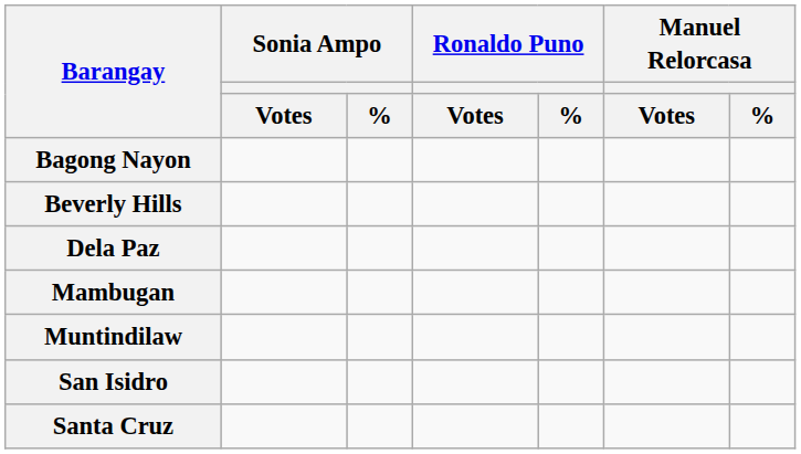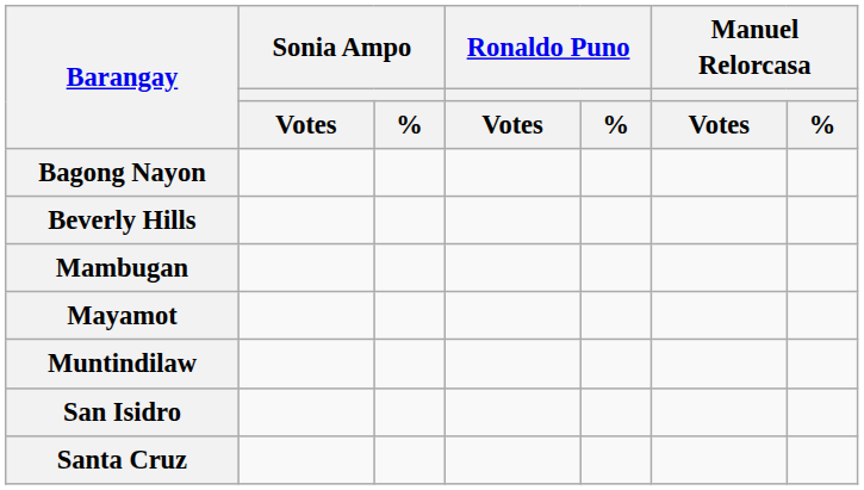 <table class="wikitable collapsible collapsed" style="text-align:right; font-size:95%; line-height:20px;">
 <tr>
 <th width="125" rowspan="3"><a href='#'>Barangay</a></th>
 <th width="110" colspan="2">Sonia Ampo</th>
 <th width="110" colspan="2"><a href='#'>Ronaldo Puno</a></th>
 <th width="110" colspan="2">Manuel Relorcasa</th>
 </tr>
 <tr>
 <th colspan="2" style="background:"></th>
 <th colspan="2" style="background:"></th>
 <th colspan="2" style="background:"></th>
 </tr>
 <tr>
 <th>Votes</th>
 <th>%</th>
 <th>Votes</th>
 <th>%</th>
 <th>Votes</th>
 <th>%</th>
 </tr>
 <tr>
 <th scope="row">Bagong Nayon</th>
 <td></td>
 <td></td>
 <td></td>
 <td></td>
 <td></td>
 <td></td>
 </tr>
 <tr>
 <th scope="row">Beverly Hills</th>
 <td></td>
 <td></td>
 <td></td>
 <td></td>
 <td></td>
 <td></td>
 </tr>
 <tr>
-<th scope="row">Dela Paz</th>
+<th scope="row">Mambugan</th>
 <td></td>
 <td></td>
 <td></td>
 <td></td>
 <td></td>
 <td></td>
 </tr>
 <tr>
-<th scope="row">Mambugan</th>
+<th scope="row">Mayamot</th>
 <td></td>
 <td></td>
 <td></td>
 <td></td>
 <td></td>
 <td></td>
 </tr>
 <tr>
 <th scope="row">Muntindilaw</th>
 <td></td>
 <td></td>
 <td></td>
 <td></td>
 <td></td>
 <td></td>
 </tr>
 <tr>
 <th scope="row">San Isidro</th>
 <td></td>
 <td></td>
 <td></td>
 <td></td>
 <td></td>
 <td></td>
 </tr>
 <tr>
 <th scope="row">Santa Cruz</th>
 <td></td>
 <td></td>
 <td></td>
 <td></td>
 <td></td>
 <td></td>
 </tr>
 </table>
